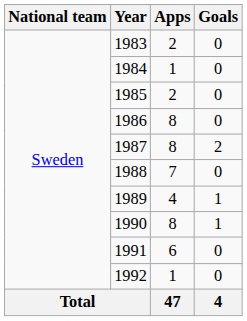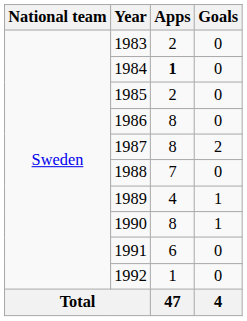 <table class="wikitable" style="text-align:center">
 <tr>
 <th>National team</th>
 <th>Year</th>
 <th>Apps</th>
 <th>Goals</th>
 </tr>
 <tr>
 <td rowspan="10"><a href='#'>Sweden</a></td>
 <td>1983</td>
 <td>2</td>
 <td>0</td>
 </tr>
 <tr>
 <td>1984</td>
-<td>1</td>
+<td><strong>1</strong></td>
 <td>0</td>
 </tr>
 <tr>
 <td>1985</td>
 <td>2</td>
 <td>0</td>
 </tr>
 <tr>
 <td>1986</td>
 <td>8</td>
 <td>0</td>
 </tr>
 <tr>
 <td>1987</td>
 <td>8</td>
 <td>2</td>
 </tr>
 <tr>
 <td>1988</td>
 <td>7</td>
 <td>0</td>
 </tr>
 <tr>
 <td>1989</td>
 <td>4</td>
 <td>1</td>
 </tr>
 <tr>
 <td>1990</td>
 <td>8</td>
 <td>1</td>
 </tr>
 <tr>
 <td>1991</td>
 <td>6</td>
 <td>0</td>
 </tr>
 <tr>
 <td>1992</td>
 <td>1</td>
 <td>0</td>
 </tr>
 <tr>
 <th colspan="2">Total</th>
 <th>47</th>
 <th>4</th>
 </tr>
 </table>
